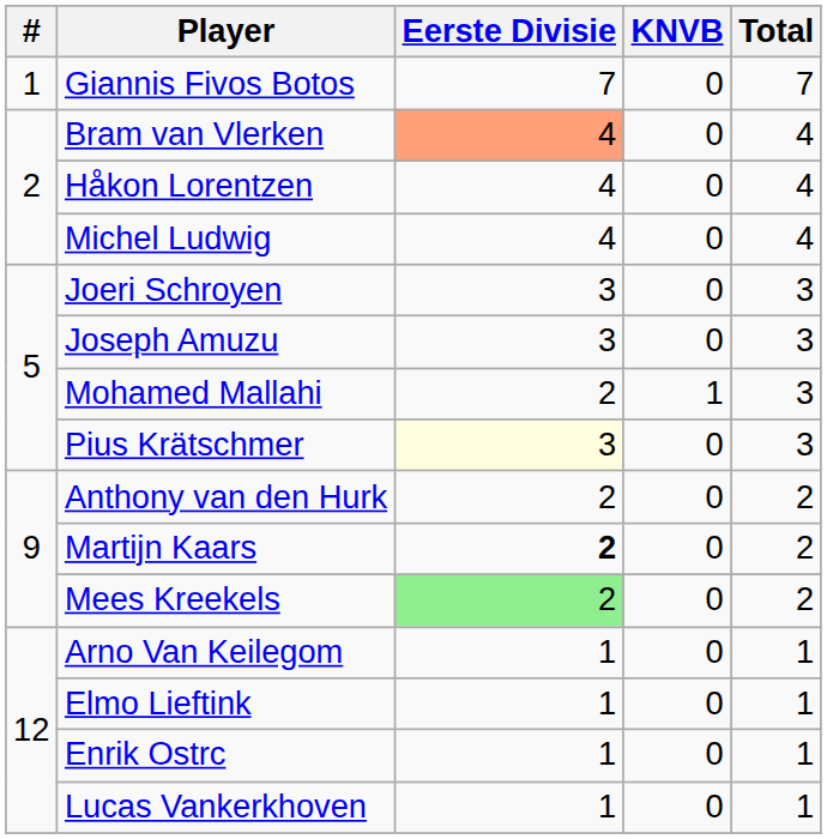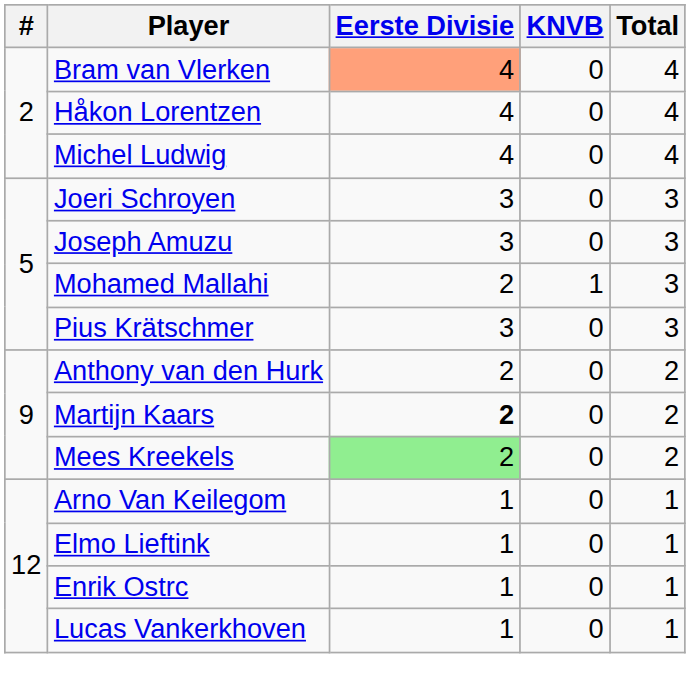 <table class="wikitable" style="text-align:right;">
 <tr>
 <th>#</th>
 <th>Player</th>
 <th><a href='#'>Eerste Divisie</a></th>
 <th><a href='#'>KNVB</a></th>
 <th>Total</th>
-</tr>
-<tr>
-<td align=center>1</td>
-<td align=left> <a href='#'>Giannis Fivos Botos</a></td>
-<td>7</td>
-<td>0</td>
-<td>7</td>
 </tr>
 <tr>
 <td rowspan=3 align=center>2</td>
 <td align=left> <a href='#'>Bram van Vlerken</a></td>
 <td style="background: lightsalmon;">4</td>
 <td>0</td>
 <td>4</td>
 </tr>
 <tr>
 <td align=left> <a href='#'>Håkon Lorentzen</a></td>
 <td>4</td>
 <td>0</td>
 <td>4</td>
 </tr>
 <tr>
 <td align=left> <a href='#'>Michel Ludwig</a></td>
 <td>4</td>
 <td>0</td>
 <td>4</td>
 </tr>
 <tr>
 <td align=center rowspan=4>5</td>
 <td align=left> <a href='#'>Joeri Schroyen</a></td>
 <td>3</td>
 <td>0</td>
 <td>3</td>
 </tr>
 <tr>
 <td align=left> <a href='#'>Joseph Amuzu</a></td>
 <td>3</td>
 <td>0</td>
 <td>3</td>
 </tr>
 <tr>
 <td align=left> <a href='#'>Mohamed Mallahi</a></td>
 <td>2</td>
 <td>1</td>
 <td>3</td>
 </tr>
 <tr>
 <td align=left> <a href='#'>Pius Krätschmer</a></td>
-<td style="background: lightyellow;">3</td>
+<td>3</td>
 <td>0</td>
 <td>3</td>
 </tr>
 <tr>
 <td align=center rowspan=3>9</td>
 <td align=left> <a href='#'>Anthony van den Hurk</a></td>
 <td>2</td>
 <td>0</td>
 <td>2</td>
 </tr>
 <tr>
 <td align=left> <a href='#'>Martijn Kaars</a></td>
 <td><strong>2</strong></td>
 <td>0</td>
 <td>2</td>
 </tr>
 <tr>
 <td align=left> <a href='#'>Mees Kreekels</a></td>
 <td style="background: lightgreen;">2</td>
 <td>0</td>
 <td>2</td>
 </tr>
 <tr>
 <td align=center rowspan=4>12</td>
 <td align=left> <a href='#'>Arno Van Keilegom</a></td>
 <td>1</td>
 <td>0</td>
 <td>1</td>
 </tr>
 <tr>
 <td align=left> <a href='#'>Elmo Lieftink</a></td>
 <td>1</td>
 <td>0</td>
 <td>1</td>
 </tr>
 <tr>
 <td align=left> <a href='#'>Enrik Ostrc</a></td>
 <td>1</td>
 <td>0</td>
 <td>1</td>
 </tr>
 <tr>
 <td align=left> <a href='#'>Lucas Vankerkhoven</a></td>
 <td>1</td>
 <td>0</td>
 <td>1</td>
 </tr>
 </table>
